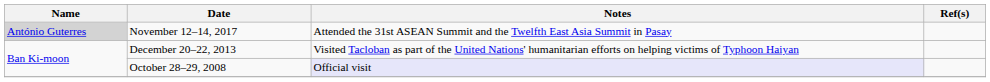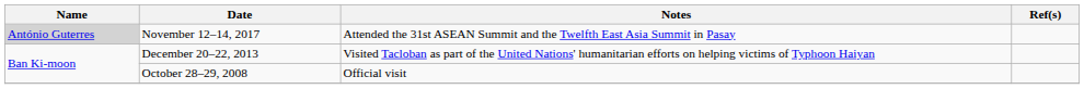 <table class="wikitable sortable">
 <tr>
 <th style="width:10%;">Name</th>
 <th style="width:15%;">Date</th>
 <th style="width:50%;">Notes</th>
 <th style="width:5%;">Ref(s)</th>
 </tr>
 <tr>
 <td style="background: lightgrey;"><a href='#'>António Guterres</a></td>
 <td>November 12–14, 2017</td>
 <td>Attended the 31st ASEAN Summit and the <a href='#'>Twelfth East Asia Summit</a> in <a href='#'>Pasay</a></td>
 <td></td>
 </tr>
 <tr>
 <td rowspan="2"><a href='#'>Ban Ki-moon</a></td>
 <td>December 20–22, 2013</td>
 <td>Visited <a href='#'>Tacloban</a> as part of the <a href='#'>United Nations</a>' humanitarian efforts on helping victims of <a href='#'>Typhoon Haiyan</a></td>
 <td></td>
 </tr>
 <tr>
 <td>October 28–29, 2008</td>
-<td style="background: lavender;">Official visit</td>
+<td>Official visit</td>
 <td></td>
 </tr>
 <tr>
 </tr>
 </table>
